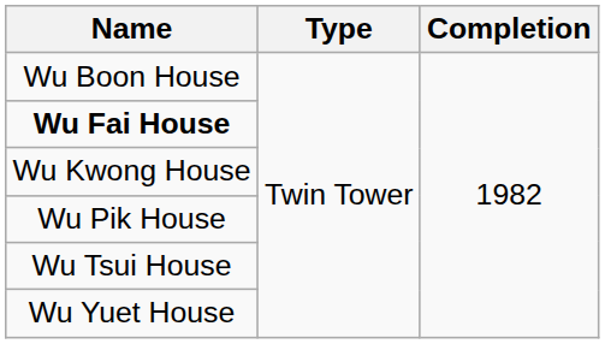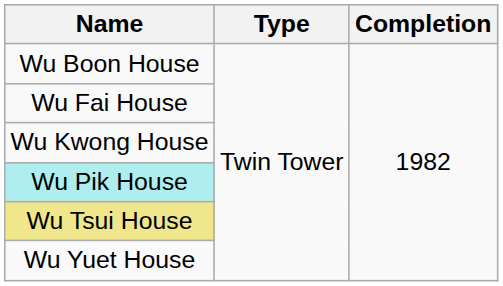 <table class="wikitable" style="text-align: center">
 <tr>
 <th>Name</th>
 <th>Type</th>
 <th>Completion</th>
 </tr>
 <tr>
 <td>Wu Boon House</td>
 <td rowspan="6">Twin Tower</td>
 <td rowspan="6">1982</td>
 </tr>
 <tr>
-<td><strong>Wu Fai House</strong></td>
+<td>Wu Fai House</td>
 </tr>
 <tr>
 <td>Wu Kwong House</td>
 </tr>
 <tr>
-<td>Wu Pik House</td>
+<td style="background: paleturquoise;">Wu Pik House</td>
 </tr>
 <tr>
-<td>Wu Tsui House</td>
+<td style="background: khaki;">Wu Tsui House</td>
 </tr>
 <tr>
 <td>Wu Yuet House</td>
 </tr>
 </table>
